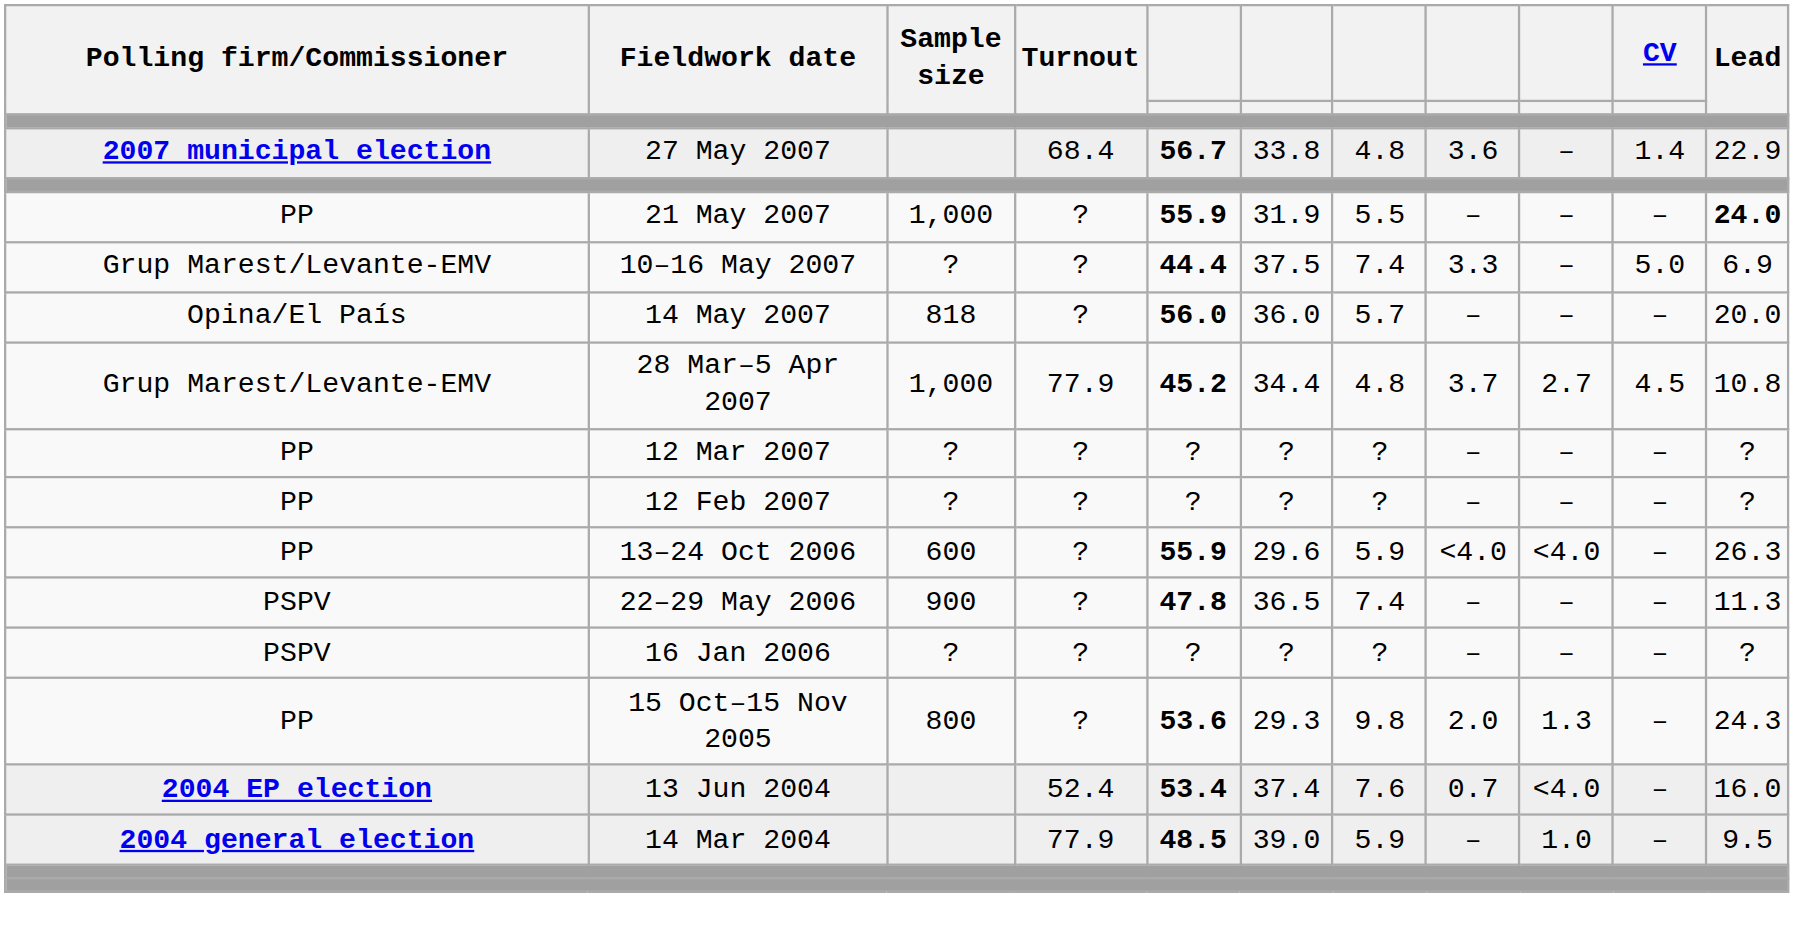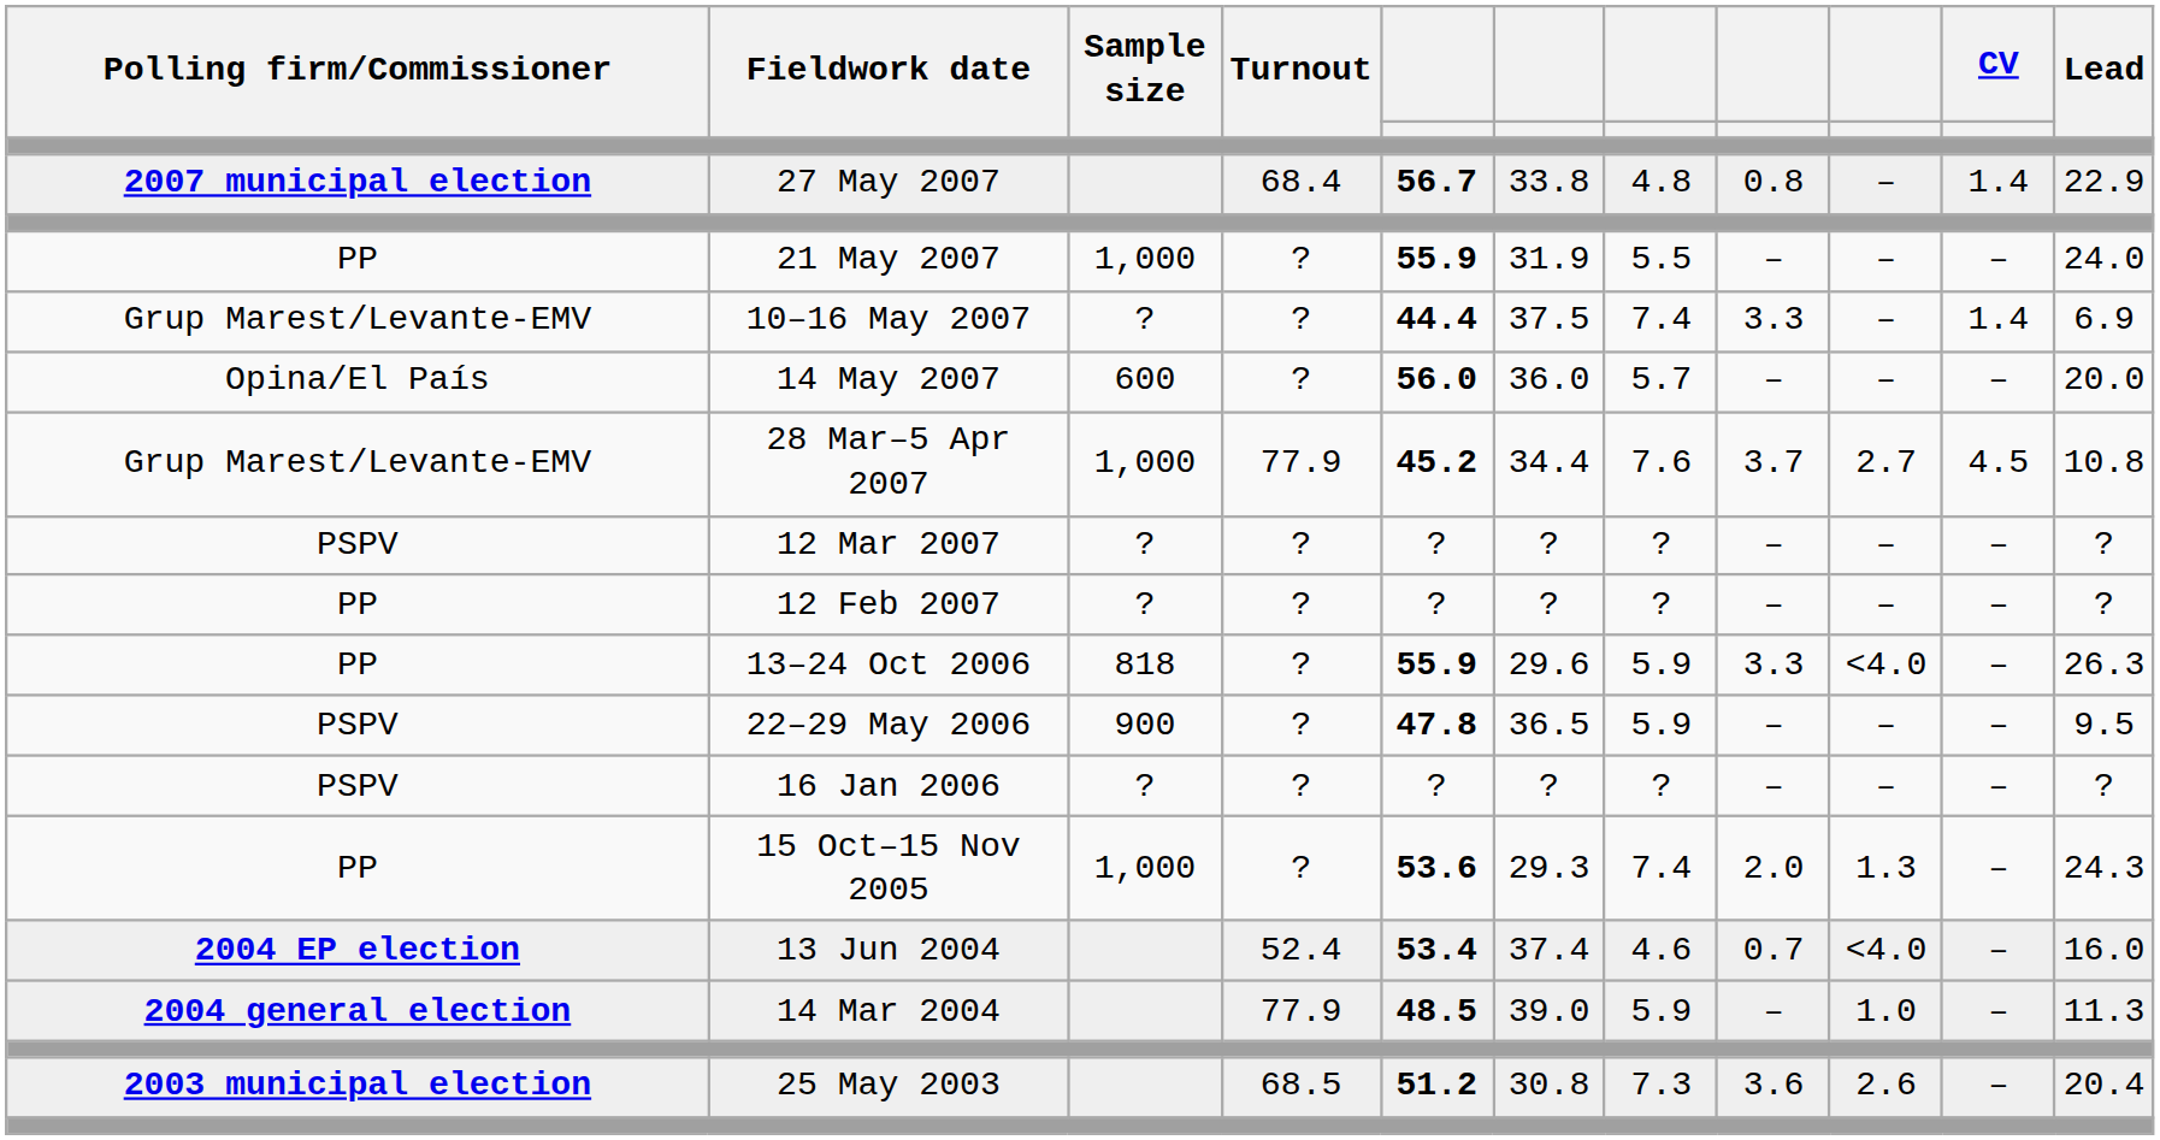 <table class="wikitable collapsible collapsed" style="text-align:center; font-size:95%; line-height:16px;">
 <tr style="height:42px;">
 <th style="width:250px;" rowspan="2">Polling firm/Commissioner</th>
 <th style="width:125px;" rowspan="2">Fieldwork date</th>
 <th style="width:50px;" rowspan="2">Sample size</th>
 <th style="width:45px;" rowspan="2">Turnout</th>
 <th style="width:35px;"></th>
 <th style="width:35px;"></th>
 <th style="width:35px;"></th>
 <th style="width:35px;"></th>
 <th style="width:35px;"></th>
 <th style="width:35px;"><a href='#'>CV</a></th>
 <th style="width:30px;" rowspan="2">Lead</th>
 </tr>
 <tr>
 <th style="color:inherit;background:"></th>
 <th style="color:inherit;background:"></th>
 <th style="color:inherit;background:"></th>
 <th style="color:inherit;background:"></th>
 <th style="color:inherit;background:"></th>
 <th style="color:inherit;background:"></th>
 </tr>
 <tr>
 <td colspan="11" style="background:#A0A0A0"></td>
 </tr>
 <tr style="background:#EFEFEF;">
 <td><strong><a href='#'>2007 municipal election</a></strong></td>
 <td>27 May 2007</td>
 <td></td>
 <td>68.4</td>
 <td><strong>56.7</strong><br></td>
 <td>33.8<br></td>
 <td>4.8<br></td>
-<td>3.6<br></td>
+<td>0.8<br></td>
 <td>–</td>
 <td>1.4<br></td>
 <td style="background:">22.9</td>
 </tr>
 <tr>
 <td colspan="11" style="background:#A0A0A0"></td>
 </tr>
 <tr>
 <td>PP</td>
 <td>21 May 2007</td>
 <td>1,000</td>
 <td>?</td>
 <td><strong>55.9</strong><br></td>
 <td>31.9<br></td>
 <td>5.5<br></td>
 <td>–</td>
 <td>–</td>
 <td>–</td>
-<td style="background:"><strong>24.0</strong></td>
+<td style="background:">24.0</td>
 </tr>
 <tr>
 <td>Grup Marest/Levante-EMV</td>
 <td>10–16 May 2007</td>
 <td>?</td>
 <td>?</td>
 <td><strong>44.4</strong><br></td>
 <td>37.5<br></td>
 <td>7.4<br></td>
 <td>3.3<br></td>
 <td>–</td>
-<td>5.0<br></td>
+<td>1.4<br></td>
 <td style="background:">6.9</td>
 </tr>
 <tr>
 <td>Opina/El País</td>
 <td>14 May 2007</td>
-<td>818</td>
+<td>600</td>
 <td>?</td>
 <td><strong>56.0</strong><br></td>
 <td>36.0<br></td>
 <td>5.7<br></td>
 <td>–</td>
 <td>–</td>
 <td>–</td>
 <td style="background:">20.0</td>
 </tr>
 <tr>
 <td>Grup Marest/Levante-EMV</td>
 <td>28 Mar–5 Apr 2007</td>
 <td>1,000</td>
 <td>77.9</td>
 <td><strong>45.2</strong><br></td>
 <td>34.4<br></td>
-<td>4.8<br></td>
+<td>7.6<br></td>
 <td>3.7<br></td>
 <td>2.7<br></td>
 <td>4.5<br></td>
 <td style="background:">10.8</td>
 </tr>
 <tr>
-<td>PP</td>
+<td>PSPV</td>
 <td>12 Mar 2007</td>
 <td>?</td>
 <td>?</td>
 <td>?<br></td>
 <td>?<br></td>
 <td>?<br></td>
 <td>–</td>
 <td>–</td>
 <td>–</td>
 <td style="background:">?</td>
 </tr>
 <tr>
 <td>PP</td>
 <td>12 Feb 2007</td>
 <td>?</td>
 <td>?</td>
 <td>?<br></td>
 <td>?<br></td>
 <td>?<br></td>
 <td>–</td>
 <td>–</td>
 <td>–</td>
 <td style="background:">?</td>
 </tr>
 <tr>
 <td>PP</td>
 <td>13–24 Oct 2006</td>
-<td>600</td>
+<td>818</td>
 <td>?</td>
 <td><strong>55.9</strong><br></td>
 <td>29.6<br></td>
 <td>5.9<br></td>
-<td><4.0<br></td>
+<td>3.3<br></td>
 <td><4.0<br></td>
 <td>–</td>
 <td style="background:">26.3</td>
 </tr>
 <tr>
 <td>PSPV</td>
 <td>22–29 May 2006</td>
 <td>900</td>
 <td>?</td>
 <td><strong>47.8</strong><br></td>
 <td>36.5<br></td>
-<td>7.4<br></td>
+<td>5.9<br></td>
 <td>–</td>
 <td>–</td>
 <td>–</td>
-<td style="background:">11.3</td>
+<td style="background:">9.5</td>
 </tr>
 <tr>
 <td>PSPV</td>
 <td>16 Jan 2006</td>
 <td>?</td>
 <td>?</td>
 <td>?<br></td>
 <td>?<br></td>
 <td>?<br></td>
 <td>–</td>
 <td>–</td>
 <td>–</td>
 <td style="background:">?</td>
 </tr>
 <tr>
 <td>PP</td>
 <td>15 Oct–15 Nov 2005</td>
-<td>800</td>
+<td>1,000</td>
 <td>?</td>
 <td><strong>53.6</strong><br></td>
 <td>29.3<br></td>
-<td>9.8<br></td>
+<td>7.4<br></td>
 <td>2.0<br></td>
 <td>1.3<br></td>
 <td>–</td>
 <td style="background:">24.3</td>
 </tr>
 <tr style="background:#EFEFEF;">
 <td><strong><a href='#'>2004 EP election</a></strong></td>
 <td>13 Jun 2004</td>
 <td></td>
 <td>52.4</td>
 <td><strong>53.4</strong><br></td>
 <td>37.4<br></td>
-<td>7.6<br></td>
+<td>4.6<br></td>
 <td>0.7<br></td>
 <td><4.0<br></td>
 <td>–</td>
 <td style="background:">16.0</td>
 </tr>
 <tr style="background:#EFEFEF;">
 <td><strong><a href='#'>2004 general election</a></strong></td>
 <td>14 Mar 2004</td>
 <td></td>
 <td>77.9</td>
 <td><strong>48.5</strong><br></td>
 <td>39.0<br></td>
 <td>5.9<br></td>
 <td>–</td>
 <td>1.0<br></td>
 <td>–</td>
-<td style="background:">9.5</td>
+<td style="background:">11.3</td>
 </tr>
 <tr>
 <td colspan="11" style="background:#A0A0A0"></td>
+</tr>
+<tr style="background:#EFEFEF;">
+<td><strong><a href='#'>2003 municipal election</a></strong></td>
+<td>25 May 2003</td>
+<td></td>
+<td>68.5</td>
+<td><strong>51.2</strong><br></td>
+<td>30.8<br></td>
+<td>7.3<br></td>
+<td>3.6<br></td>
+<td>2.6<br></td>
+<td>–</td>
+<td style="background:">20.4</td>
 </tr>
 <tr>
 <td colspan="11" style="background:#A0A0A0"></td>
 </tr>
 </table>
